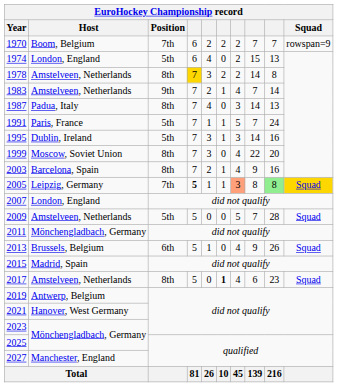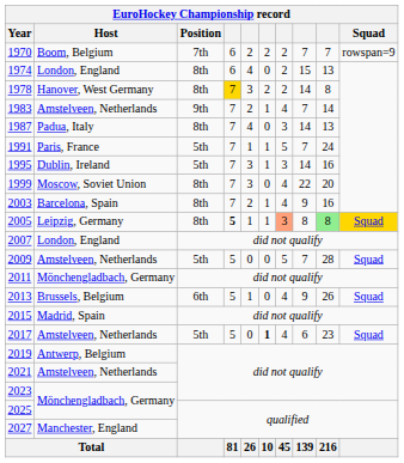 <table class="wikitable" style="text-align: center;">
 <tr>
 <th colspan=10><a href='#'>EuroHockey Championship</a> record</th>
 </tr>
 <tr>
 <th>Year</th>
 <th>Host</th>
 <th>Position</th>
 <th></th>
 <th></th>
 <th></th>
 <th></th>
 <th></th>
 <th></th>
 <th>Squad</th>
 </tr>
 <tr>
 <td><a href='#'>1970</a></td>
 <td align=left> <a href='#'>Boom</a>, Belgium</td>
 <td>7th</td>
 <td>6</td>
 <td>2</td>
 <td>2</td>
 <td>2</td>
 <td>7</td>
 <td>7</td>
 <td>rowspan=9 </td>
 </tr>
 <tr>
 <td><a href='#'>1974</a></td>
 <td align=left> <a href='#'>London</a>, England</td>
-<td>5th</td>
+<td>8th</td>
 <td>6</td>
 <td>4</td>
 <td>0</td>
 <td>2</td>
 <td>15</td>
 <td>13</td>
 </tr>
 <tr>
 <td><a href='#'>1978</a></td>
-<td align=left> <a href='#'>Amstelveen</a>, Netherlands</td>
+<td align=left> <a href='#'>Hanover</a>, West Germany</td>
 <td>8th</td>
 <td style="background: gold;">7</td>
 <td>3</td>
 <td>2</td>
 <td>2</td>
 <td>14</td>
 <td>8</td>
 </tr>
 <tr>
 <td><a href='#'>1983</a></td>
 <td align=left> <a href='#'>Amstelveen</a>, Netherlands</td>
 <td>9th</td>
 <td>7</td>
 <td>2</td>
 <td>1</td>
 <td>4</td>
 <td>7</td>
 <td>14</td>
 </tr>
 <tr>
 <td><a href='#'>1987</a></td>
 <td align=left> <a href='#'>Padua</a>, Italy</td>
 <td>8th</td>
 <td>7</td>
 <td>4</td>
 <td>0</td>
 <td>3</td>
 <td>14</td>
 <td>13</td>
 </tr>
 <tr>
 <td><a href='#'>1991</a></td>
 <td align=left> <a href='#'>Paris</a>, France</td>
 <td>5th</td>
 <td>7</td>
 <td>1</td>
 <td>1</td>
 <td>5</td>
 <td>7</td>
 <td>24</td>
 </tr>
 <tr>
 <td><a href='#'>1995</a></td>
 <td align=left> <a href='#'>Dublin</a>, Ireland</td>
 <td>5th</td>
 <td>7</td>
 <td>3</td>
 <td>1</td>
 <td>3</td>
 <td>14</td>
 <td>16</td>
 </tr>
 <tr>
 <td><a href='#'>1999</a></td>
 <td align=left> <a href='#'>Moscow</a>, Soviet Union</td>
 <td>8th</td>
 <td>7</td>
 <td>3</td>
 <td>0</td>
 <td>4</td>
 <td>22</td>
 <td>20</td>
 </tr>
 <tr>
 <td><a href='#'>2003</a></td>
 <td align=left> <a href='#'>Barcelona</a>, Spain</td>
 <td>8th</td>
 <td>7</td>
 <td>2</td>
 <td>1</td>
 <td>4</td>
 <td>9</td>
 <td>16</td>
 </tr>
 <tr>
 <td><a href='#'>2005</a></td>
 <td align=left> <a href='#'>Leipzig</a>, Germany</td>
-<td>7th</td>
+<td>8th</td>
 <td><strong>5</strong></td>
 <td>1</td>
 <td>1</td>
 <td style="background: lightsalmon;">3</td>
 <td>8</td>
 <td style="background: lightgreen;">8</td>
 <td style="background: gold;"><a href='#'>Squad</a></td>
 </tr>
 <tr>
 <td><a href='#'>2007</a></td>
 <td align=left> <a href='#'>London</a>, England</td>
 <td colspan=8><em>did not qualify</em></td>
 </tr>
 <tr>
 <td><a href='#'>2009</a></td>
 <td align=left> <a href='#'>Amstelveen</a>, Netherlands</td>
 <td>5th</td>
 <td>5</td>
 <td>0</td>
 <td>0</td>
 <td>5</td>
 <td>7</td>
 <td>28</td>
 <td><a href='#'>Squad</a></td>
 </tr>
 <tr>
 <td><a href='#'>2011</a></td>
 <td align=left> <a href='#'>Mönchengladbach</a>, Germany</td>
 <td colspan=8><em>did not qualify</em></td>
 </tr>
 <tr>
 <td><a href='#'>2013</a></td>
 <td align=left> <a href='#'>Brussels</a>, Belgium</td>
 <td>6th</td>
 <td>5</td>
 <td>1</td>
 <td>0</td>
 <td>4</td>
 <td>9</td>
 <td>26</td>
 <td><a href='#'>Squad</a></td>
 </tr>
 <tr>
 <td><a href='#'>2015</a></td>
 <td align=left> <a href='#'>Madrid</a>, Spain</td>
 <td colspan=8><em>did not qualify</em></td>
 </tr>
 <tr>
 <td><a href='#'>2017</a></td>
 <td align=left> <a href='#'>Amstelveen</a>, Netherlands</td>
-<td>8th</td>
+<td>5th</td>
 <td>5</td>
 <td>0</td>
 <td><strong>1</strong></td>
 <td>4</td>
 <td>6</td>
 <td>23</td>
 <td><a href='#'>Squad</a></td>
 </tr>
 <tr>
 <td><a href='#'>2019</a></td>
 <td align=left> <a href='#'>Antwerp</a>, Belgium</td>
 <td colspan=8 rowspan=3><em>did not qualify</em></td>
 </tr>
 <tr>
 <td><a href='#'>2021</a></td>
-<td align=left> <a href='#'>Hanover</a>, West Germany</td>
+<td align=left> <a href='#'>Amstelveen</a>, Netherlands</td>
 </tr>
 <tr>
 <td><a href='#'>2023</a></td>
 <td align=left rowspan=2> <a href='#'>Mönchengladbach</a>, Germany</td>
 </tr>
 <tr>
 <td><a href='#'>2025</a></td>
 <td colspan=8 rowspan=2><em>qualified</em></td>
 </tr>
 <tr>
 <td><a href='#'>2027</a></td>
 <td align=left> <a href='#'>Manchester</a>, England</td>
 </tr>
 <tr>
 <th colspan=2>Total</th>
 <th></th>
 <th>81</th>
 <th>26</th>
 <th>10</th>
 <th>45</th>
 <th>139</th>
 <th>216</th>
 <th></th>
 </tr>
 </table>
